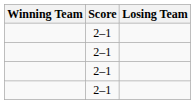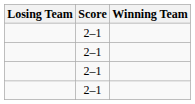 <table class=wikitable style="border:1px solid #AAAAAA;">
 <tr>
+<th>Losing Team</th>
+<th>Score</th>
 <th>Winning Team</th>
-<th>Score</th>
-<th>Losing Team</th>
 </tr>
 <tr>
+<td></td>
+<td align="center">2–1</td>
 <td><strong></strong></td>
-<td align="center">2–1</td>
-<td></td>
 </tr>
 <tr>
+<td></td>
+<td align="center">2–1</td>
 <td><strong></strong></td>
-<td align="center">2–1</td>
-<td></td>
 </tr>
 <tr>
+<td></td>
+<td align="center">2–1</td>
 <td><strong></strong></td>
-<td align="center">2–1</td>
-<td></td>
 </tr>
 <tr>
+<td></td>
+<td align="center">2–1</td>
 <td><strong></strong></td>
-<td align="center">2–1</td>
-<td></td>
 </tr>
 </table>
